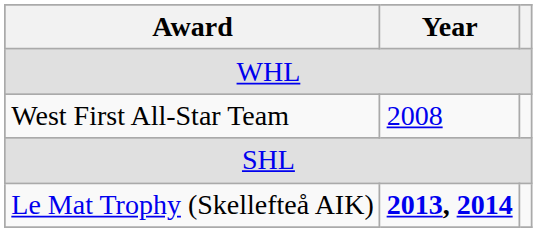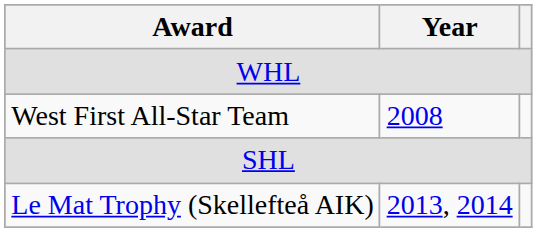 <table class="wikitable">
 <tr>
 <th>Award</th>
 <th>Year</th>
 <th></th>
 </tr>
 <tr ALIGN="center" bgcolor="#e0e0e0">
 <td colspan="3"><a href='#'>WHL</a></td>
 </tr>
 <tr>
 <td>West First All-Star Team</td>
 <td><a href='#'>2008</a></td>
 <td></td>
 </tr>
 <tr ALIGN="center" bgcolor="#e0e0e0">
 <td colspan="3"><a href='#'>SHL</a></td>
 </tr>
 <tr>
 <td><a href='#'>Le Mat Trophy</a> (Skellefteå AIK)</td>
-<td><strong><a href='#'>2013</a>, <a href='#'>2014</a></strong></td>
+<td><a href='#'>2013</a>, <a href='#'>2014</a></td>
 <td></td>
 </tr>
 </table>
